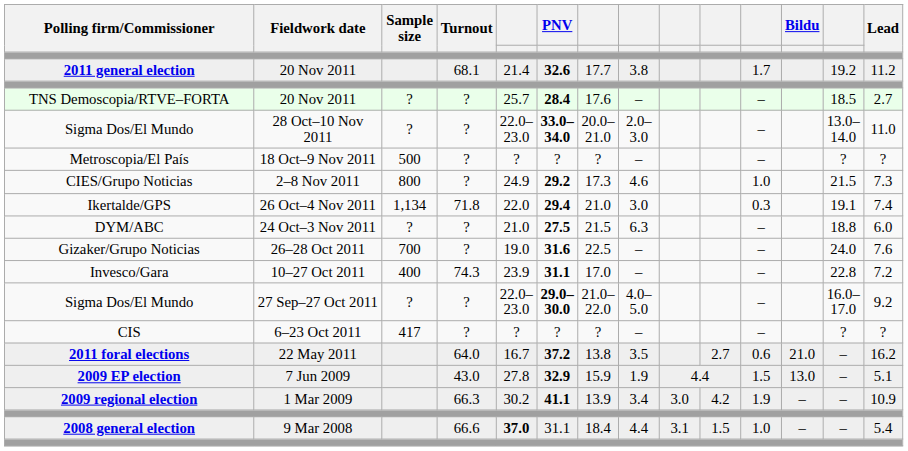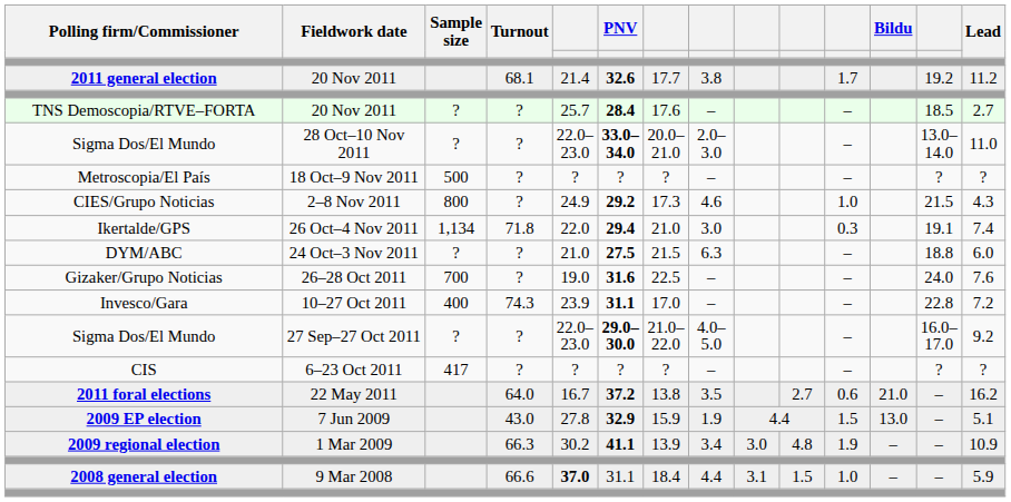 <table class="wikitable collapsible collapsed" style="text-align:center; font-size:95%; line-height:16px;">
 <tr style="height:42px;">
 <th style="width:250px;" rowspan="2">Polling firm/Commissioner</th>
 <th style="width:125px;" rowspan="2">Fieldwork date</th>
 <th style="width:50px;" rowspan="2">Sample size</th>
 <th style="width:45px;" rowspan="2">Turnout</th>
 <th style="width:35px;"></th>
 <th style="width:35px;"><a href='#'>PNV</a></th>
 <th style="width:35px;"></th>
 <th style="width:35px;"></th>
 <th style="width:35px;"></th>
 <th style="width:35px;"></th>
 <th style="width:35px;"></th>
 <th style="width:35px;"><a href='#'>Bildu</a></th>
 <th style="width:35px;"></th>
 <th style="width:30px;" rowspan="2">Lead</th>
 </tr>
 <tr>
 <th style="color:inherit;background:"></th>
 <th style="color:inherit;background:"></th>
 <th style="color:inherit;background:"></th>
 <th style="color:inherit;background:"></th>
 <th style="color:inherit;background:"></th>
 <th style="color:inherit;background:"></th>
 <th style="color:inherit;background:"></th>
 <th style="color:inherit;background:"></th>
 <th style="color:inherit;background:"></th>
 </tr>
 <tr>
 <td colspan="14" style="background:#A0A0A0"></td>
 </tr>
 <tr style="background:#EFEFEF;">
 <td><strong><a href='#'>2011 general election</a></strong></td>
 <td>20 Nov 2011</td>
 <td></td>
 <td>68.1</td>
 <td>21.4<br></td>
 <td><strong>32.6</strong><br></td>
 <td>17.7<br></td>
 <td>3.8<br></td>
 <td></td>
 <td></td>
 <td>1.7<br></td>
 <td></td>
 <td>19.2<br></td>
 <td style="background:">11.2</td>
 </tr>
 <tr>
 <td colspan="14" style="background:#A0A0A0"></td>
 </tr>
 <tr style="background:#EAFFEA;">
 <td>TNS Demoscopia/RTVE–FORTA</td>
 <td>20 Nov 2011</td>
 <td>?</td>
 <td>?</td>
 <td>25.7<br></td>
 <td><strong>28.4</strong><br></td>
 <td>17.6<br></td>
 <td>–</td>
 <td></td>
 <td></td>
 <td>–</td>
 <td></td>
 <td>18.5<br></td>
 <td style="background:">2.7</td>
 </tr>
 <tr>
 <td>Sigma Dos/El Mundo</td>
 <td>28 Oct–10 Nov 2011</td>
 <td>?</td>
 <td>?</td>
 <td>22.0–<br>23.0<br></td>
 <td><strong>33.0–<br>34.0</strong><br></td>
 <td>20.0–<br>21.0<br></td>
 <td>2.0–<br>3.0<br></td>
 <td></td>
 <td></td>
 <td>–</td>
 <td></td>
 <td>13.0–<br>14.0<br></td>
 <td style="background:">11.0</td>
 </tr>
 <tr>
 <td>Metroscopia/El País</td>
 <td>18 Oct–9 Nov 2011</td>
 <td>500</td>
 <td>?</td>
 <td>?<br></td>
 <td>?<br></td>
 <td>?<br></td>
 <td>–</td>
 <td></td>
 <td></td>
 <td>–</td>
 <td></td>
 <td>?<br></td>
 <td style="background:">?</td>
 </tr>
 <tr>
 <td>CIES/Grupo Noticias</td>
 <td>2–8 Nov 2011</td>
 <td>800</td>
 <td>?</td>
 <td>24.9<br></td>
 <td><strong>29.2</strong><br></td>
 <td>17.3<br></td>
 <td>4.6<br></td>
 <td></td>
 <td></td>
 <td>1.0<br></td>
 <td></td>
 <td>21.5<br></td>
-<td style="background:">7.3</td>
+<td style="background:">4.3</td>
 </tr>
 <tr>
 <td>Ikertalde/GPS</td>
 <td>26 Oct–4 Nov 2011</td>
 <td>1,134</td>
 <td>71.8</td>
 <td>22.0<br></td>
 <td><strong>29.4</strong><br></td>
 <td>21.0<br></td>
 <td>3.0<br></td>
 <td></td>
 <td></td>
 <td>0.3<br></td>
 <td></td>
 <td>19.1<br></td>
 <td style="background:">7.4</td>
 </tr>
 <tr>
 <td>DYM/ABC</td>
 <td>24 Oct–3 Nov 2011</td>
 <td>?</td>
 <td>?</td>
 <td>21.0<br></td>
 <td><strong>27.5</strong><br></td>
 <td>21.5<br></td>
 <td>6.3<br></td>
 <td></td>
 <td></td>
 <td>–</td>
 <td></td>
 <td>18.8<br></td>
 <td style="background:">6.0</td>
 </tr>
 <tr>
 <td>Gizaker/Grupo Noticias</td>
 <td>26–28 Oct 2011</td>
 <td>700</td>
 <td>?</td>
 <td>19.0<br></td>
 <td><strong>31.6</strong><br></td>
 <td>22.5<br></td>
 <td>–</td>
 <td></td>
 <td></td>
 <td>–</td>
 <td></td>
 <td>24.0<br></td>
 <td style="background:">7.6</td>
 </tr>
 <tr>
 <td>Invesco/Gara</td>
 <td>10–27 Oct 2011</td>
 <td>400</td>
 <td>74.3</td>
 <td>23.9<br></td>
 <td><strong>31.1</strong><br></td>
 <td>17.0<br></td>
 <td>–</td>
 <td></td>
 <td></td>
 <td>–</td>
 <td></td>
 <td>22.8<br></td>
 <td style="background:">7.2</td>
 </tr>
 <tr>
 <td>Sigma Dos/El Mundo</td>
 <td>27 Sep–27 Oct 2011</td>
 <td>?</td>
 <td>?</td>
 <td>22.0–<br>23.0<br></td>
 <td><strong>29.0–<br>30.0</strong><br></td>
 <td>21.0–<br>22.0<br></td>
 <td>4.0–<br>5.0<br></td>
 <td></td>
 <td></td>
 <td>–</td>
 <td></td>
 <td>16.0–<br>17.0<br></td>
 <td style="background:">9.2</td>
 </tr>
 <tr>
 <td>CIS</td>
 <td>6–23 Oct 2011</td>
 <td>417</td>
 <td>?</td>
 <td>?<br></td>
 <td>?<br></td>
 <td>?<br></td>
 <td>–</td>
 <td></td>
 <td></td>
 <td>–</td>
 <td></td>
 <td>?<br></td>
 <td style="background:">?</td>
 </tr>
 <tr style="background:#EFEFEF;">
 <td><strong><a href='#'>2011 foral elections</a></strong></td>
 <td>22 May 2011</td>
 <td></td>
 <td>64.0</td>
 <td>16.7<br></td>
 <td><strong>37.2</strong><br></td>
 <td>13.8<br></td>
 <td>3.5<br></td>
 <td></td>
 <td>2.7<br></td>
 <td>0.6<br></td>
 <td>21.0<br></td>
 <td>–</td>
 <td style="background:">16.2</td>
 </tr>
 <tr style="background:#EFEFEF;">
 <td><strong><a href='#'>2009 EP election</a></strong></td>
 <td>7 Jun 2009</td>
 <td></td>
 <td>43.0</td>
 <td>27.8<br></td>
 <td><strong>32.9</strong><br></td>
 <td>15.9<br></td>
 <td>1.9<br></td>
 <td colspan="2">4.4<br></td>
 <td>1.5<br></td>
 <td>13.0<br></td>
 <td>–</td>
 <td style="background:">5.1</td>
 </tr>
 <tr style="background:#EFEFEF;">
 <td><strong><a href='#'>2009 regional election</a></strong></td>
 <td>1 Mar 2009</td>
 <td></td>
 <td>66.3</td>
 <td>30.2<br></td>
 <td><strong>41.1</strong><br></td>
 <td>13.9<br></td>
 <td>3.4<br></td>
 <td>3.0<br></td>
-<td>4.2<br></td>
+<td>4.8<br></td>
 <td>1.9<br></td>
 <td>–</td>
 <td>–</td>
 <td style="background:">10.9</td>
 </tr>
 <tr>
 <td colspan="14" style="background:#A0A0A0"></td>
 </tr>
 <tr style="background:#EFEFEF;">
 <td><strong><a href='#'>2008 general election</a></strong></td>
 <td>9 Mar 2008</td>
 <td></td>
 <td>66.6</td>
 <td><strong>37.0</strong><br></td>
 <td>31.1<br></td>
 <td>18.4<br></td>
 <td>4.4<br></td>
 <td>3.1<br></td>
 <td>1.5<br></td>
 <td>1.0<br></td>
 <td>–</td>
 <td>–</td>
-<td style="background:">5.4</td>
+<td style="background:">5.9</td>
 </tr>
 <tr>
 <td colspan="14" style="background:#A0A0A0"></td>
 </tr>
 </table>
